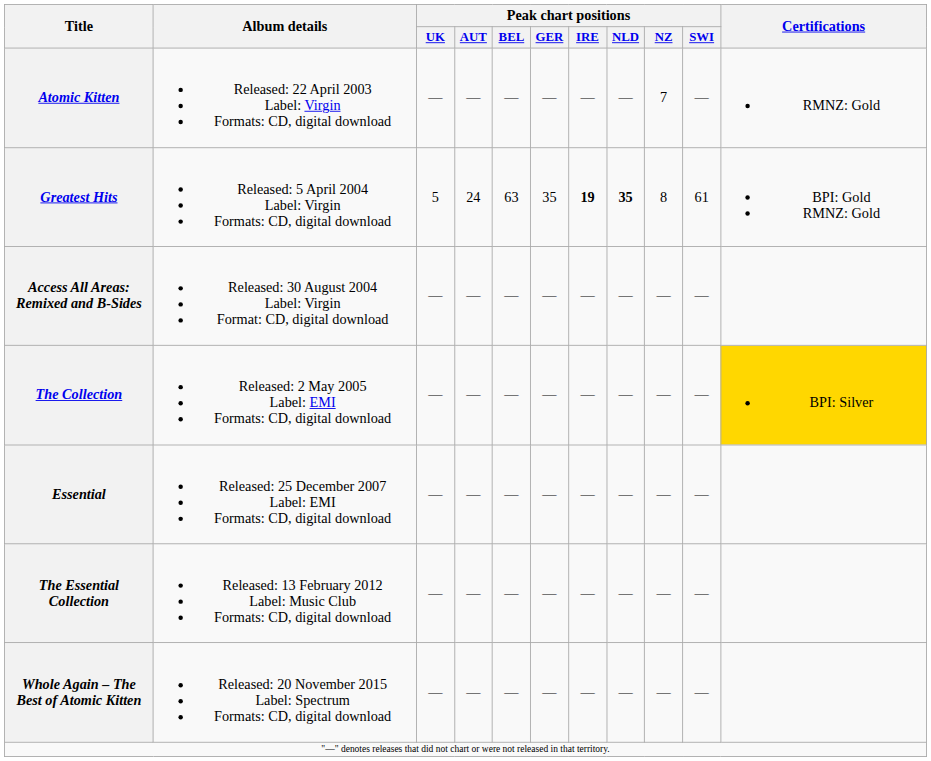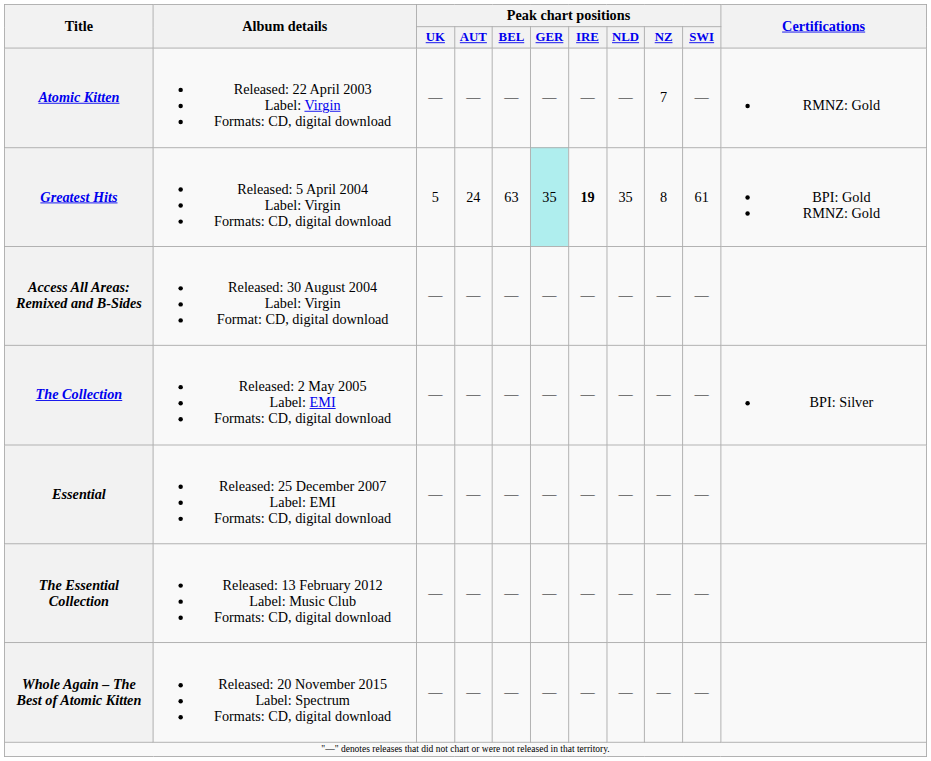 <table class="wikitable plainrowheaders" style="text-align:center;" border="1">
 <tr>
 <th scope="col" rowspan="2" style="width:10em;">Title</th>
 <th scope="col" rowspan="2" style="width:18em;">Album details</th>
 <th scope="col" colspan="8">Peak chart positions</th>
 <th scope="col" rowspan="2" style="width:14em;"><a href='#'>Certifications</a></th>
 </tr>
 <tr>
 <th scope="col" style="width:2.5em;font-size:90%;"><a href='#'>UK</a><br></th>
 <th scope="col" style="width:2.5em;font-size:90%;"><a href='#'>AUT</a><br></th>
 <th scope="col" style="width:2.5em;font-size:90%;"><a href='#'>BEL</a><br></th>
 <th scope="col" style="width:2.5em;font-size:90%;"><a href='#'>GER</a><br></th>
 <th scope="col" style="width:2.5em;font-size:90%;"><a href='#'>IRE</a><br></th>
 <th scope="col" style="width:2.5em;font-size:90%;"><a href='#'>NLD</a><br></th>
 <th scope="col" style="width:2.5em;font-size:90%;"><a href='#'>NZ</a><br></th>
 <th scope="col" style="width:2.5em;font-size:90%;"><a href='#'>SWI</a><br></th>
 </tr>
 <tr>
 <th scope="row"><em><a href='#'>Atomic Kitten</a></em></th>
 <td><br><ul><li>Released: 22 April 2003</li><li>Label: <a href='#'>Virgin</a></li><li>Formats: CD, digital download</li></ul></td>
 <td>—</td>
 <td>—</td>
 <td>—</td>
 <td>—</td>
 <td>—</td>
 <td>—</td>
 <td>7</td>
 <td>—</td>
 <td><br><ul><li>RMNZ: Gold</li></ul></td>
 </tr>
 <tr>
 <th scope="row"><em><a href='#'>Greatest Hits</a></em></th>
 <td><br><ul><li>Released: 5 April 2004</li><li>Label: Virgin</li><li>Formats: CD, digital download</li></ul></td>
 <td>5</td>
 <td>24</td>
 <td>63</td>
+<td style="background: paleturquoise;">35</td>
+<td><strong>19</strong></td>
 <td>35</td>
-<td><strong>19</strong></td>
-<td><strong>35</strong></td>
 <td>8</td>
 <td>61</td>
 <td><br><ul><li>BPI: Gold</li><li>RMNZ: Gold</li></ul></td>
 </tr>
 <tr>
 <th scope="row"><em>Access All Areas: Remixed and B-Sides</em></th>
 <td><br><ul><li>Released: 30 August 2004</li><li>Label: Virgin</li><li>Format: CD, digital download</li></ul></td>
 <td>—</td>
 <td>—</td>
 <td>—</td>
 <td>—</td>
 <td>—</td>
 <td>—</td>
 <td>—</td>
 <td>—</td>
 <td></td>
 </tr>
 <tr>
 <th scope="row"><em><a href='#'>The Collection</a></em></th>
 <td><br><ul><li>Released: 2 May 2005</li><li>Label: <a href='#'>EMI</a></li><li>Formats: CD, digital download</li></ul></td>
 <td>—</td>
 <td>—</td>
 <td>—</td>
 <td>—</td>
 <td>—</td>
 <td>—</td>
 <td>—</td>
 <td>—</td>
-<td style="background: gold;"><br><ul><li>BPI: Silver</li></ul></td>
+<td><br><ul><li>BPI: Silver</li></ul></td>
 </tr>
 <tr>
 <th scope="row"><em>Essential</em></th>
 <td><br><ul><li>Released: 25 December 2007</li><li>Label: EMI</li><li>Formats: CD, digital download</li></ul></td>
 <td>—</td>
 <td>—</td>
 <td>—</td>
 <td>—</td>
 <td>—</td>
 <td>—</td>
 <td>—</td>
 <td>—</td>
 <td></td>
 </tr>
 <tr>
 <th scope="row"><em>The Essential Collection</em></th>
 <td><br><ul><li>Released: 13 February 2012</li><li>Label: Music Club</li><li>Formats: CD, digital download</li></ul></td>
 <td>—</td>
 <td>—</td>
 <td>—</td>
 <td>—</td>
 <td>—</td>
 <td>—</td>
 <td>—</td>
 <td>—</td>
 <td></td>
 </tr>
 <tr>
 <th scope="row"><em>Whole Again – The Best of Atomic Kitten</em></th>
 <td><br><ul><li>Released: 20 November 2015</li><li>Label: Spectrum</li><li>Formats: CD, digital download</li></ul></td>
 <td>—</td>
 <td>—</td>
 <td>—</td>
 <td>—</td>
 <td>—</td>
 <td>—</td>
 <td>—</td>
 <td>—</td>
 <td></td>
 </tr>
 <tr>
 <td align="center" colspan="15" style="font-size:8pt">"—" denotes releases that did not chart or were not released in that territory.</td>
 </tr>
 </table>
